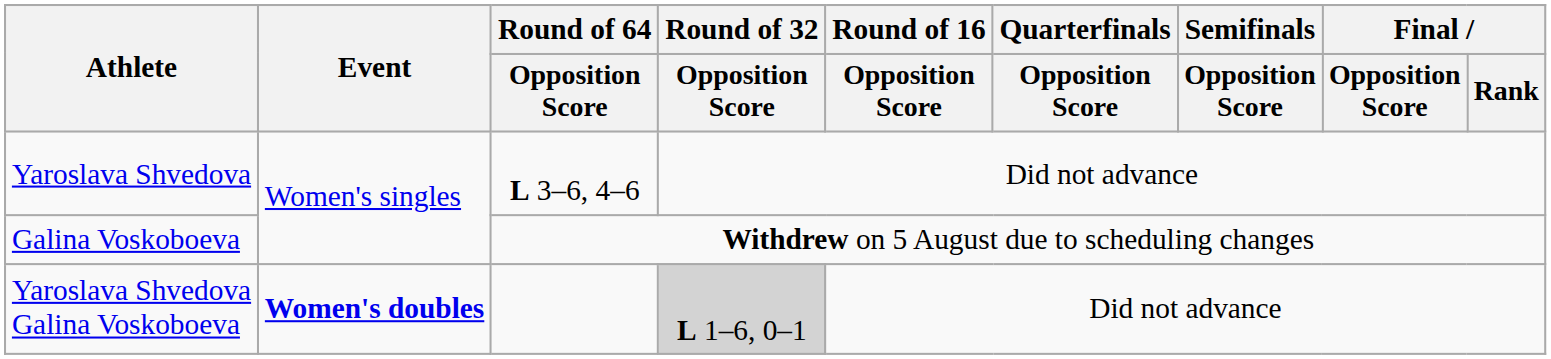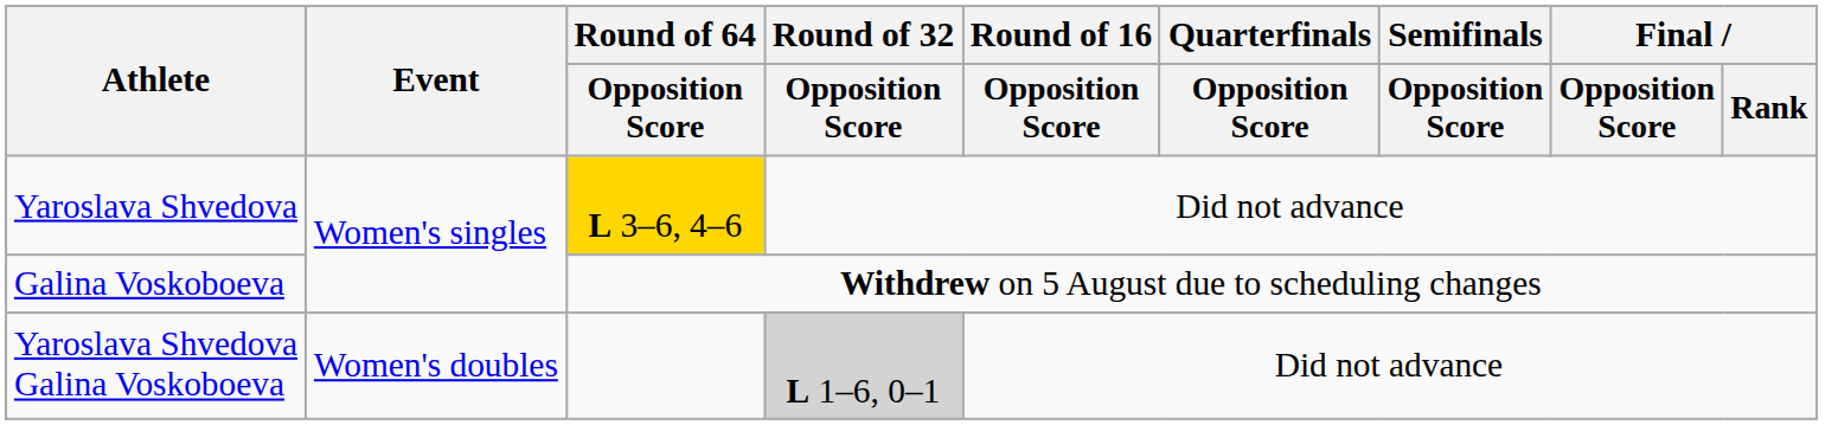 <table class=wikitable style="font-size:90%">
 <tr>
 <th rowspan="2">Athlete</th>
 <th rowspan="2">Event</th>
 <th>Round of 64</th>
 <th>Round of 32</th>
 <th>Round of 16</th>
 <th>Quarterfinals</th>
 <th>Semifinals</th>
 <th colspan=2>Final / </th>
 </tr>
 <tr style="font-size:95%">
 <th>Opposition<br>Score</th>
 <th>Opposition<br>Score</th>
 <th>Opposition<br>Score</th>
 <th>Opposition<br>Score</th>
 <th>Opposition<br>Score</th>
 <th>Opposition<br>Score</th>
 <th>Rank</th>
 </tr>
 <tr align=center>
 <td align=left><a href='#'>Yaroslava Shvedova</a></td>
 <td align=left rowspan=2><a href='#'>Women's singles</a></td>
-<td><br><strong>L</strong> 3–6, 4–6</td>
+<td style="background: gold;"><br><strong>L</strong> 3–6, 4–6</td>
 <td colspan=6>Did not advance</td>
 </tr>
 <tr align=center>
 <td align=left><a href='#'>Galina Voskoboeva</a></td>
 <td colspan=7><strong>Withdrew</strong> on 5 August due to scheduling changes</td>
 </tr>
 <tr align=center>
 <td align=left><a href='#'>Yaroslava Shvedova</a><br><a href='#'>Galina Voskoboeva</a></td>
-<td align=left><strong><a href='#'>Women's doubles</a></strong></td>
+<td align=left><a href='#'>Women's doubles</a></td>
 <td></td>
 <td style="background: lightgrey;"><br><strong>L</strong> 1–6, 0–1<sup></sup></td>
 <td colspan=5>Did not advance</td>
 </tr>
 </table>
